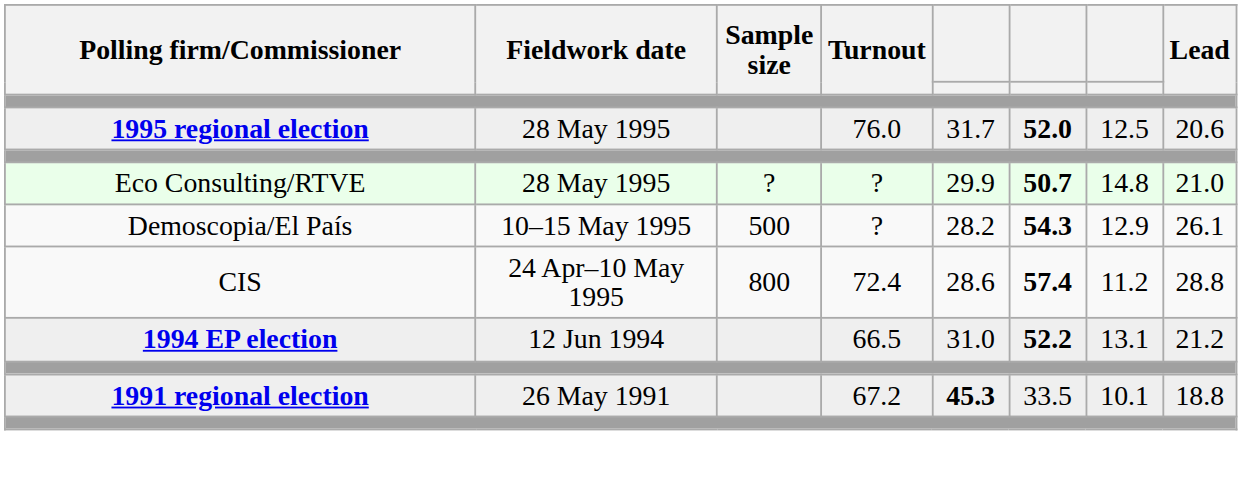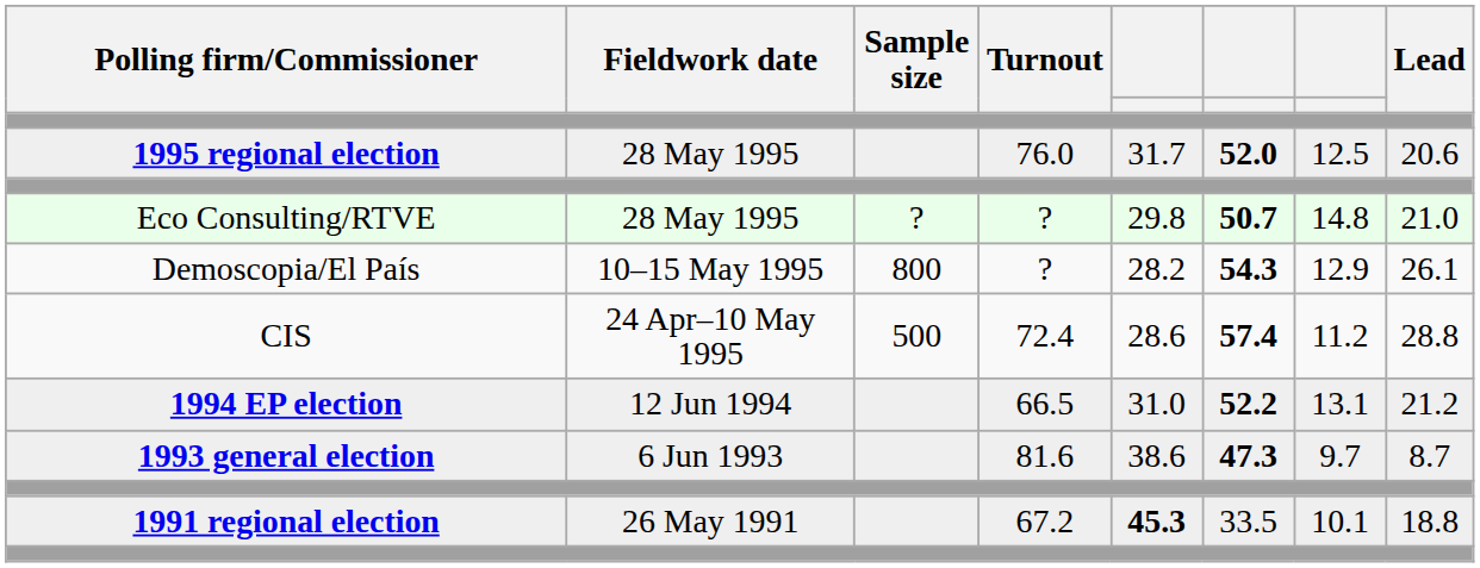 <table class="wikitable collapsible collapsed" style="text-align:center; font-size:95%; line-height:16px;">
 <tr style="height:42px;">
 <th style="width:250px;" rowspan="2">Polling firm/Commissioner</th>
 <th style="width:125px;" rowspan="2">Fieldwork date</th>
 <th style="width:50px;" rowspan="2">Sample size</th>
 <th style="width:45px;" rowspan="2">Turnout</th>
 <th style="width:35px;"></th>
 <th style="width:35px;"></th>
 <th style="width:35px;"></th>
 <th style="width:30px;" rowspan="2">Lead</th>
 </tr>
 <tr>
 <th style="color:inherit;background:"></th>
 <th style="color:inherit;background:"></th>
 <th style="color:inherit;background:"></th>
 </tr>
 <tr>
 <td colspan="8" style="background:#A0A0A0"></td>
 </tr>
 <tr style="background:#EFEFEF;">
 <td><strong><a href='#'>1995 regional election</a></strong></td>
 <td>28 May 1995</td>
 <td></td>
 <td>76.0</td>
 <td>31.7<br></td>
 <td><strong>52.0</strong><br></td>
 <td>12.5<br></td>
 <td style="background:">20.6</td>
 </tr>
 <tr>
 <td colspan="8" style="background:#A0A0A0"></td>
 </tr>
 <tr style="background:#EAFFEA;">
 <td>Eco Consulting/RTVE</td>
 <td>28 May 1995</td>
 <td>?</td>
 <td>?</td>
-<td>29.9<br></td>
+<td>29.8<br></td>
 <td><strong>50.7</strong><br></td>
 <td>14.8<br></td>
 <td style="background:">21.0</td>
 </tr>
 <tr>
 <td>Demoscopia/El País</td>
 <td>10–15 May 1995</td>
-<td>500</td>
+<td>800</td>
 <td>?</td>
 <td>28.2<br></td>
 <td><strong>54.3</strong><br></td>
 <td>12.9<br></td>
 <td style="background:">26.1</td>
 </tr>
 <tr>
 <td>CIS</td>
 <td>24 Apr–10 May 1995</td>
-<td>800</td>
+<td>500</td>
 <td>72.4</td>
 <td>28.6</td>
 <td><strong>57.4</strong></td>
 <td>11.2</td>
 <td style="background:">28.8</td>
 </tr>
 <tr style="background:#EFEFEF;">
 <td><strong><a href='#'>1994 EP election</a></strong></td>
 <td>12 Jun 1994</td>
 <td></td>
 <td>66.5</td>
 <td>31.0</td>
 <td><strong>52.2</strong></td>
 <td>13.1</td>
 <td style="background:">21.2</td>
+</tr>
+<tr style="background:#EFEFEF;">
+<td><strong><a href='#'>1993 general election</a></strong></td>
+<td>6 Jun 1993</td>
+<td></td>
+<td>81.6</td>
+<td>38.6</td>
+<td><strong>47.3</strong></td>
+<td>9.7</td>
+<td style="background:">8.7</td>
 </tr>
 <tr>
 <td colspan="8" style="background:#A0A0A0"></td>
 </tr>
 <tr style="background:#EFEFEF;">
 <td><strong><a href='#'>1991 regional election</a></strong></td>
 <td>26 May 1991</td>
 <td></td>
 <td>67.2</td>
 <td><strong>45.3</strong><br></td>
 <td>33.5<br></td>
 <td>10.1<br></td>
 <td style="background:">18.8</td>
 </tr>
 <tr>
 <td colspan="8" style="background:#A0A0A0"></td>
 </tr>
 </table>
